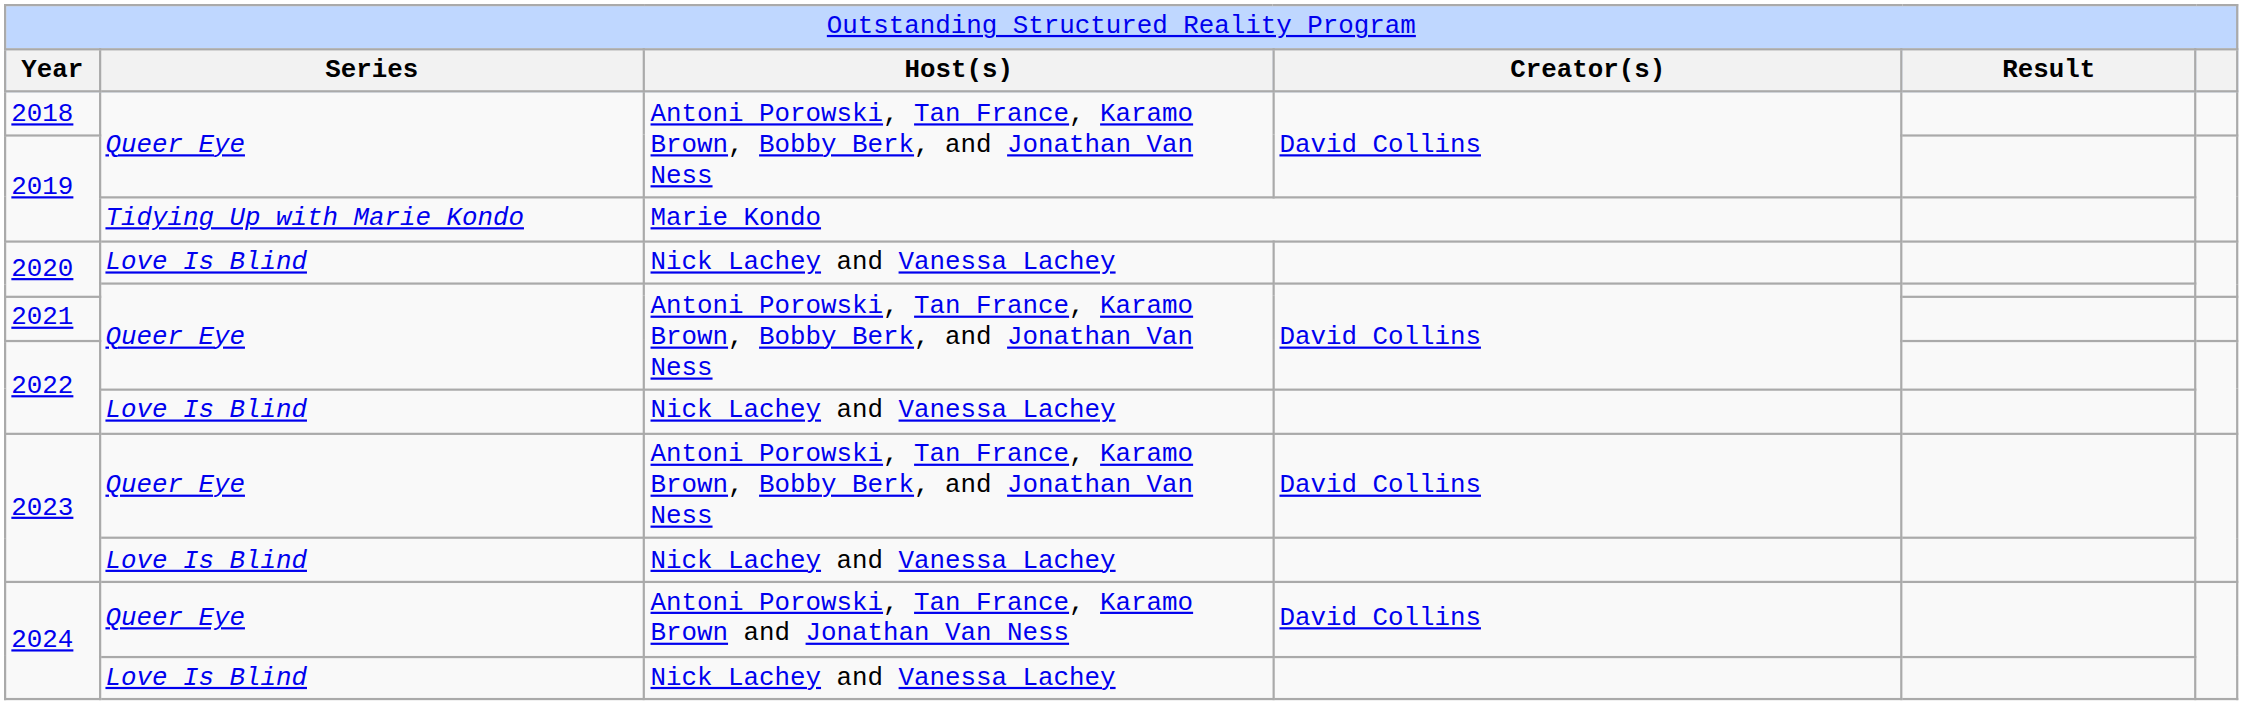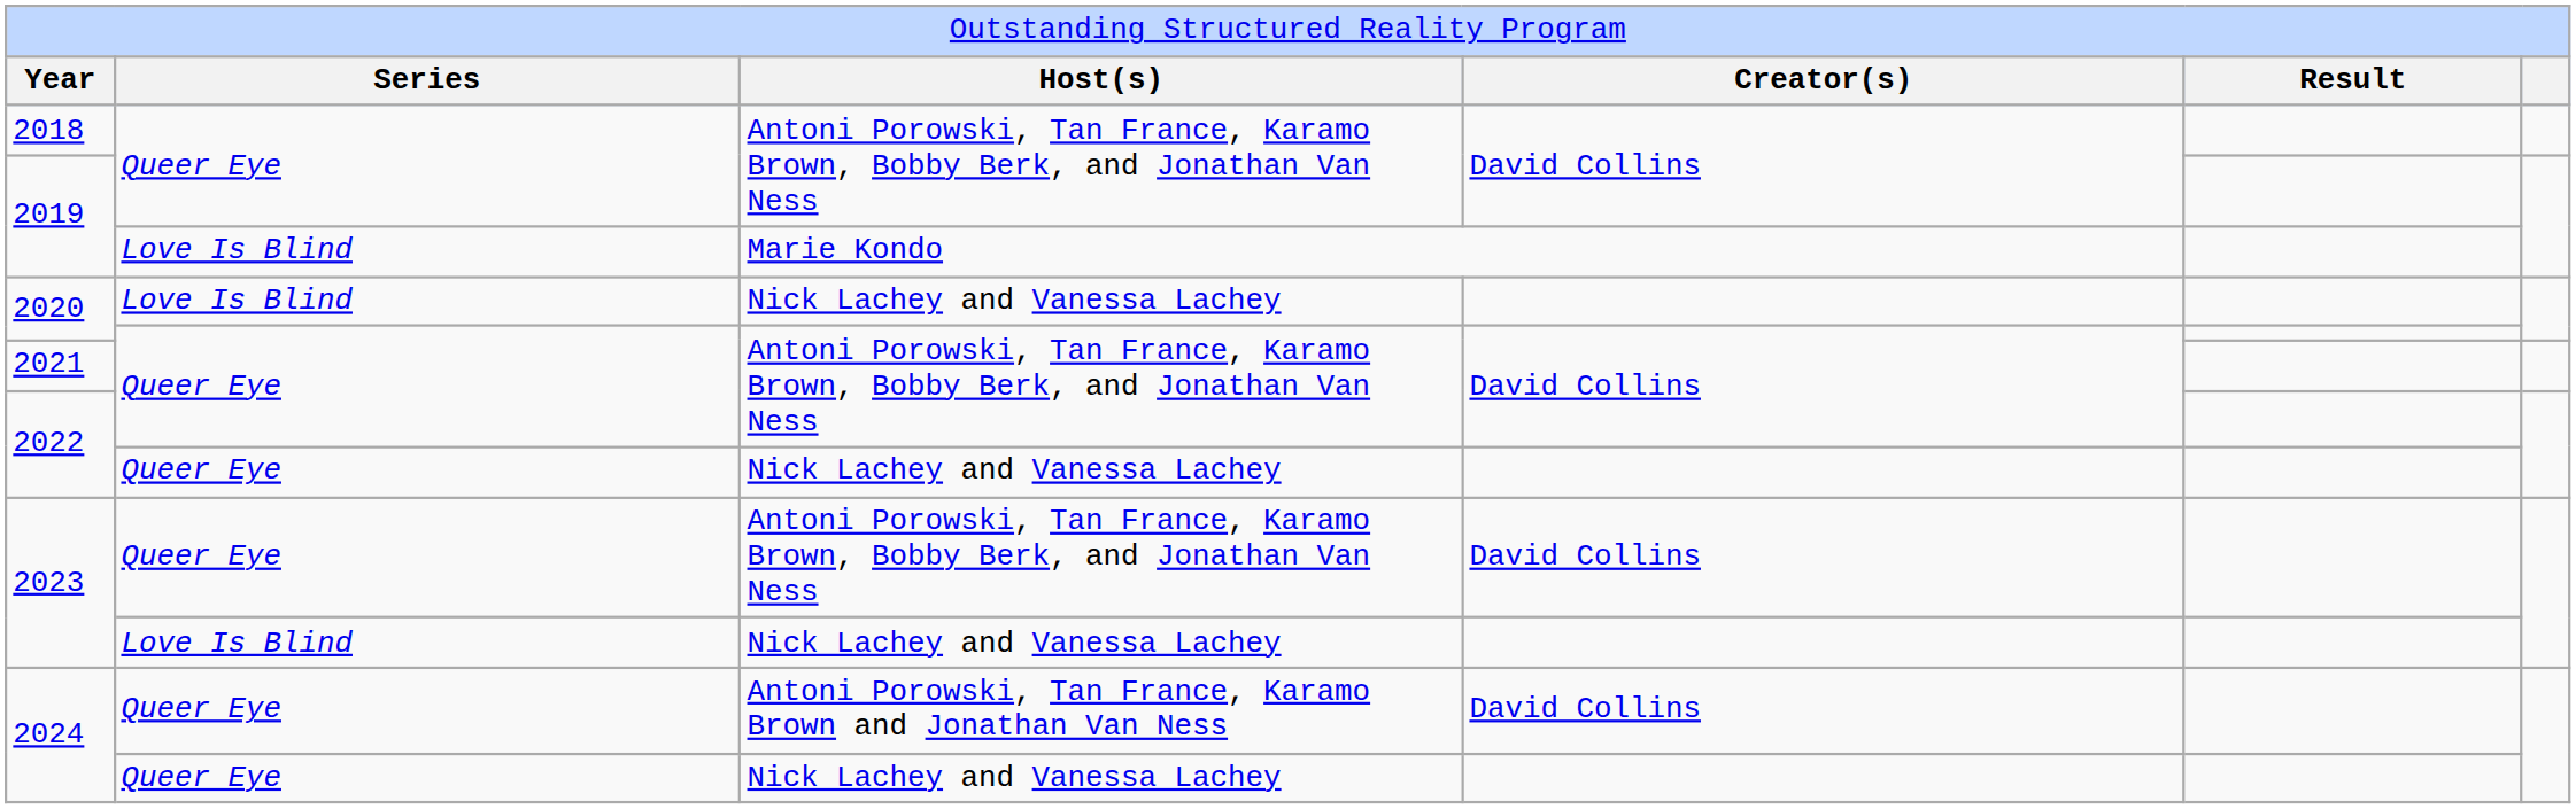 <table class="wikitable plainrowheaders" style="font-size: 90%" width=80%>
 <tr ---- bgcolor="#bfd7ff">
 <td colspan=6 align=center><a href='#'>Outstanding Structured Reality Program</a></td>
 </tr>
 <tr ---- bgcolor="#bfd7ff">
 <th scope="col" style="width:1%;">Year</th>
 <th scope="col" style="width:13%;">Series</th>
 <th scope="col" style="width:15%;">Host(s)</th>
 <th scope="col" style="width:15%;">Creator(s)</th>
 <th scope="col" style="width:7%;">Result</th>
 <th scope="col" style="width:1%;"></th>
 </tr>
 <tr>
 <td><a href='#'>2018</a></td>
 <td rowspan="2"><em><a href='#'>Queer Eye</a></em></td>
 <td rowspan="2"><a href='#'>Antoni Porowski</a>, <a href='#'>Tan France</a>, <a href='#'>Karamo Brown</a>, <a href='#'>Bobby Berk</a>, and <a href='#'>Jonathan Van Ness</a></td>
 <td rowspan="2"><a href='#'>David Collins</a></td>
 <td></td>
 <td></td>
 </tr>
 <tr>
 <td rowspan="2"><a href='#'>2019</a></td>
 <td></td>
 <td rowspan="2"></td>
 </tr>
 <tr>
-<td><em><a href='#'>Tidying Up with Marie Kondo</a></em></td>
+<td><em><a href='#'>Love Is Blind</a></em></td>
 <td colspan="2'"><a href='#'>Marie Kondo</a></td>
 <td></td>
 </tr>
 <tr>
 <td rowspan="2"><a href='#'>2020</a></td>
 <td><em><a href='#'>Love Is Blind</a></em></td>
 <td><a href='#'>Nick Lachey</a> and <a href='#'>Vanessa Lachey</a></td>
 <td></td>
 <td></td>
 <td rowspan="2"></td>
 </tr>
 <tr>
 <td rowspan="3"><em><a href='#'>Queer Eye</a></em></td>
 <td rowspan="3"><a href='#'>Antoni Porowski</a>, <a href='#'>Tan France</a>, <a href='#'>Karamo Brown</a>, <a href='#'>Bobby Berk</a>, and <a href='#'>Jonathan Van Ness</a></td>
 <td rowspan="3"><a href='#'>David Collins</a></td>
 <td></td>
 </tr>
 <tr>
 <td><a href='#'>2021</a></td>
 <td></td>
 <td></td>
 </tr>
 <tr>
 <td rowspan="2"><a href='#'>2022</a></td>
 <td></td>
 <td rowspan="2"></td>
 </tr>
 <tr>
-<td><em><a href='#'>Love Is Blind</a></em></td>
+<td><em><a href='#'>Queer Eye</a></em></td>
 <td><a href='#'>Nick Lachey</a> and <a href='#'>Vanessa Lachey</a></td>
 <td></td>
 <td></td>
 </tr>
 <tr>
 <td rowspan="2"><a href='#'>2023</a></td>
 <td><em><a href='#'>Queer Eye</a></em></td>
 <td><a href='#'>Antoni Porowski</a>, <a href='#'>Tan France</a>, <a href='#'>Karamo Brown</a>, <a href='#'>Bobby Berk</a>, and <a href='#'>Jonathan Van Ness</a></td>
 <td><a href='#'>David Collins</a></td>
 <td></td>
 <td rowspan="2"></td>
 </tr>
 <tr>
 <td><em><a href='#'>Love Is Blind</a></em></td>
 <td><a href='#'>Nick Lachey</a> and <a href='#'>Vanessa Lachey</a></td>
 <td></td>
 <td></td>
 </tr>
 <tr>
 <td rowspan="2"><a href='#'>2024</a></td>
 <td><em><a href='#'>Queer Eye</a></em></td>
 <td><a href='#'>Antoni Porowski</a>, <a href='#'>Tan France</a>, <a href='#'>Karamo Brown</a> and <a href='#'>Jonathan Van Ness</a></td>
 <td><a href='#'>David Collins</a></td>
 <td></td>
 <td rowspan="2"></td>
 </tr>
 <tr>
-<td><em><a href='#'>Love Is Blind</a></em></td>
+<td><em><a href='#'>Queer Eye</a></em></td>
 <td><a href='#'>Nick Lachey</a> and <a href='#'>Vanessa Lachey</a></td>
 <td></td>
 <td></td>
 </tr>
 </table>
